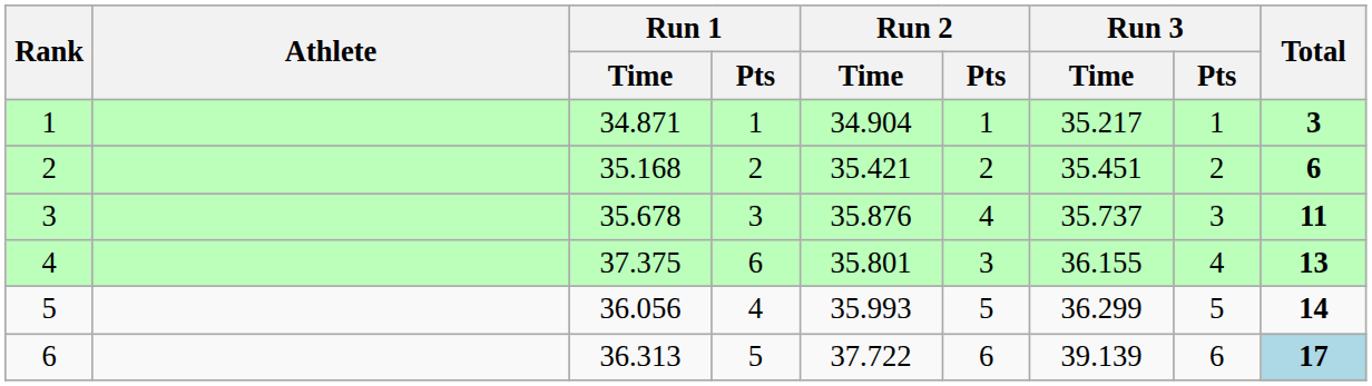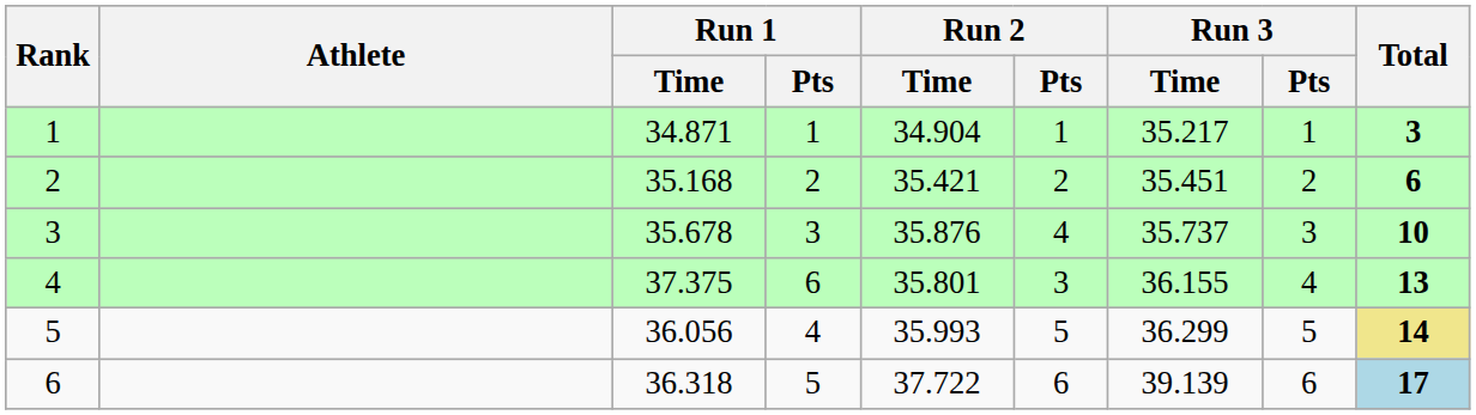 <table class=wikitable style="text-align:center">
 <tr>
 <th rowspan="2" width=40>Rank</th>
 <th rowspan="2" width=250>Athlete</th>
 <th colspan="2">Run 1</th>
 <th colspan="2">Run 2</th>
 <th colspan="2">Run 3</th>
 <th rowspan="2" width=50>Total</th>
 </tr>
 <tr>
 <th width=70>Time</th>
 <th width=40>Pts</th>
 <th width=70>Time</th>
 <th width=40>Pts</th>
 <th width=70>Time</th>
 <th width=40>Pts</th>
 </tr>
 <tr bgcolor=bbffbb>
 <td>1</td>
 <td align=left></td>
 <td>34.871</td>
 <td>1</td>
 <td>34.904</td>
 <td>1</td>
 <td>35.217</td>
 <td>1</td>
 <td><strong>3</strong></td>
 </tr>
 <tr bgcolor=bbffbb>
 <td>2</td>
 <td align=left></td>
 <td>35.168</td>
 <td>2</td>
 <td>35.421</td>
 <td>2</td>
 <td>35.451</td>
 <td>2</td>
 <td><strong>6</strong></td>
 </tr>
 <tr bgcolor=bbffbb>
 <td>3</td>
 <td align=left></td>
 <td>35.678</td>
 <td>3</td>
 <td>35.876</td>
 <td>4</td>
 <td>35.737</td>
 <td>3</td>
-<td><strong>11</strong></td>
+<td><strong>10</strong></td>
 </tr>
 <tr bgcolor=bbffbb>
 <td>4</td>
 <td align=left></td>
 <td>37.375</td>
 <td>6</td>
 <td>35.801</td>
 <td>3</td>
 <td>36.155</td>
 <td>4</td>
 <td><strong>13</strong></td>
 </tr>
 <tr>
 <td>5</td>
 <td align=left></td>
 <td>36.056</td>
 <td>4</td>
 <td>35.993</td>
 <td>5</td>
 <td>36.299</td>
 <td>5</td>
-<td><strong>14</strong></td>
+<td style="background: khaki;"><strong>14</strong></td>
 </tr>
 <tr>
 <td>6</td>
 <td align=left></td>
-<td>36.313</td>
+<td>36.318</td>
 <td>5</td>
 <td>37.722</td>
 <td>6</td>
 <td>39.139</td>
 <td>6</td>
 <td style="background: lightblue;"><strong>17</strong></td>
 </tr>
 </table>
